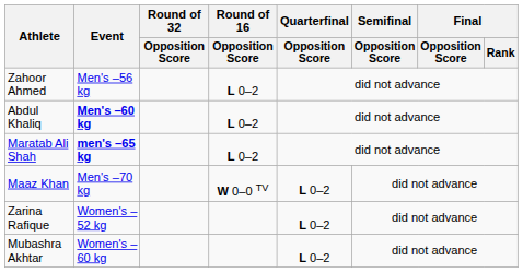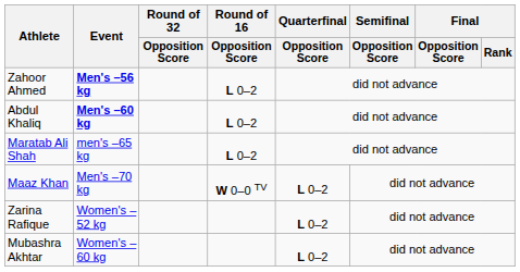 <table class=wikitable style=font-size:90%;text-align:center>
 <tr>
 <th rowspan=2>Athlete</th>
 <th rowspan=2>Event</th>
 <th>Round of 32</th>
 <th>Round of 16</th>
 <th>Quarterfinal</th>
 <th>Semifinal</th>
 <th colspan=2>Final</th>
 </tr>
 <tr style=font-size:95%>
 <th>Opposition<br>Score</th>
 <th>Opposition<br>Score</th>
 <th>Opposition<br>Score</th>
 <th>Opposition<br>Score</th>
 <th>Opposition<br>Score</th>
 <th>Rank</th>
 </tr>
 <tr>
 <td align=left>Zahoor Ahmed</td>
-<td align=left><a href='#'>Men's –56 kg</a></td>
+<td align=left><strong><a href='#'>Men's –56 kg</a></strong></td>
 <td></td>
 <td><br><strong>L</strong> 0–2</td>
 <td colspan=4>did not advance</td>
 </tr>
 <tr>
 <td align=left>Abdul Khaliq</td>
 <td align=left><strong><a href='#'>Men's –60 kg</a></strong></td>
 <td></td>
 <td><br><strong>L</strong> 0–2</td>
 <td colspan=4>did not advance</td>
 </tr>
 <tr>
 <td align=left><a href='#'>Maratab Ali Shah</a></td>
-<td align=left><strong><a href='#'>men's –65 kg</a></strong></td>
+<td align=left><a href='#'>men's –65 kg</a></td>
 <td></td>
 <td><br><strong>L</strong> 0–2</td>
 <td colspan=4>did not advance</td>
 </tr>
 <tr>
 <td align=left><a href='#'>Maaz Khan</a></td>
 <td align=left><a href='#'>Men's –70 kg</a></td>
 <td></td>
 <td><br><strong>W</strong> 0–0 <sup>TV</sup></td>
 <td><br><strong>L</strong> 0–2</td>
 <td colspan=3>did not advance</td>
 </tr>
 <tr>
 <td align=left>Zarina Rafique</td>
 <td align=left><a href='#'>Women's –52 kg</a></td>
 <td></td>
 <td></td>
 <td><br><strong>L</strong> 0–2</td>
 <td colspan=3>did not advance</td>
 </tr>
 <tr>
 <td align=left>Mubashra Akhtar</td>
 <td align=left><a href='#'>Women's –60 kg</a></td>
 <td></td>
 <td></td>
 <td><br><strong>L</strong> 0–2</td>
 <td colspan=3>did not advance</td>
 </tr>
 </table>
